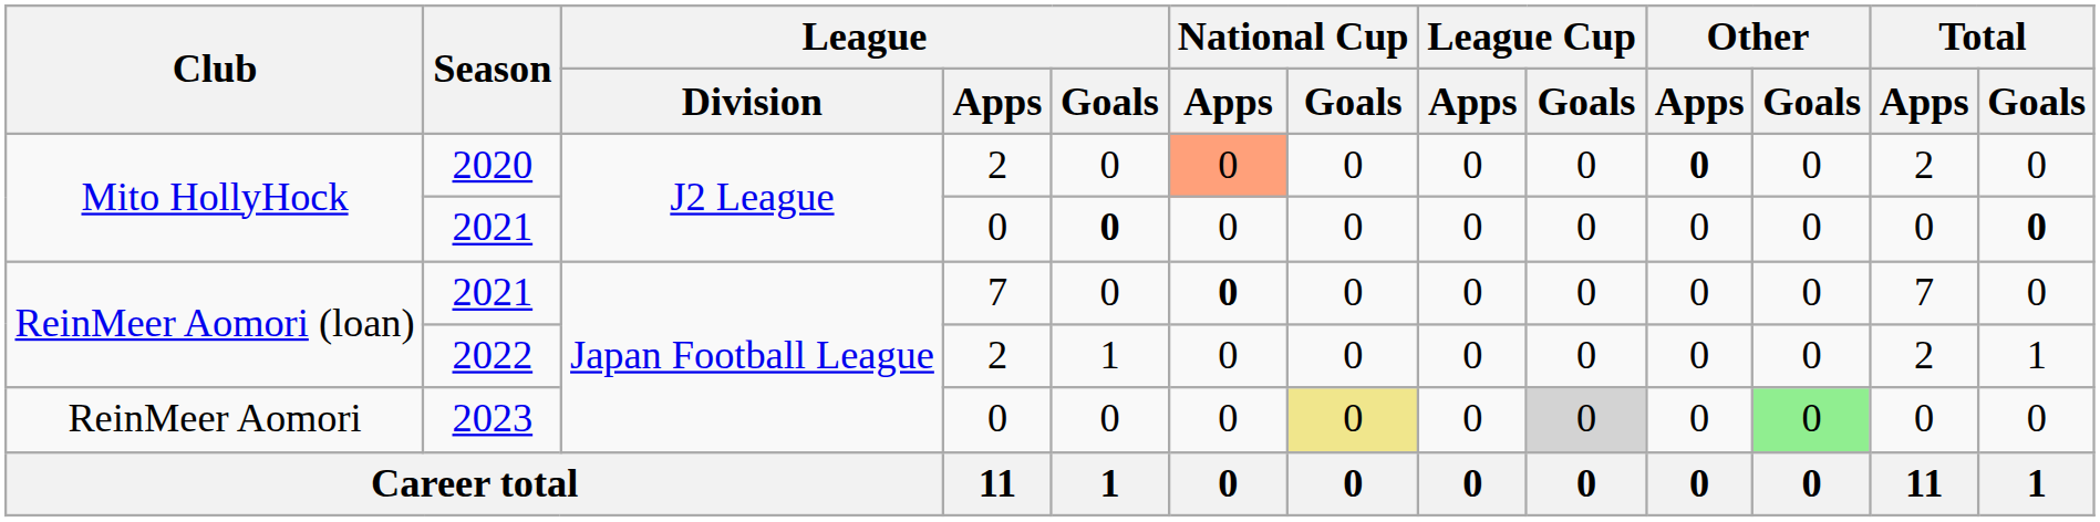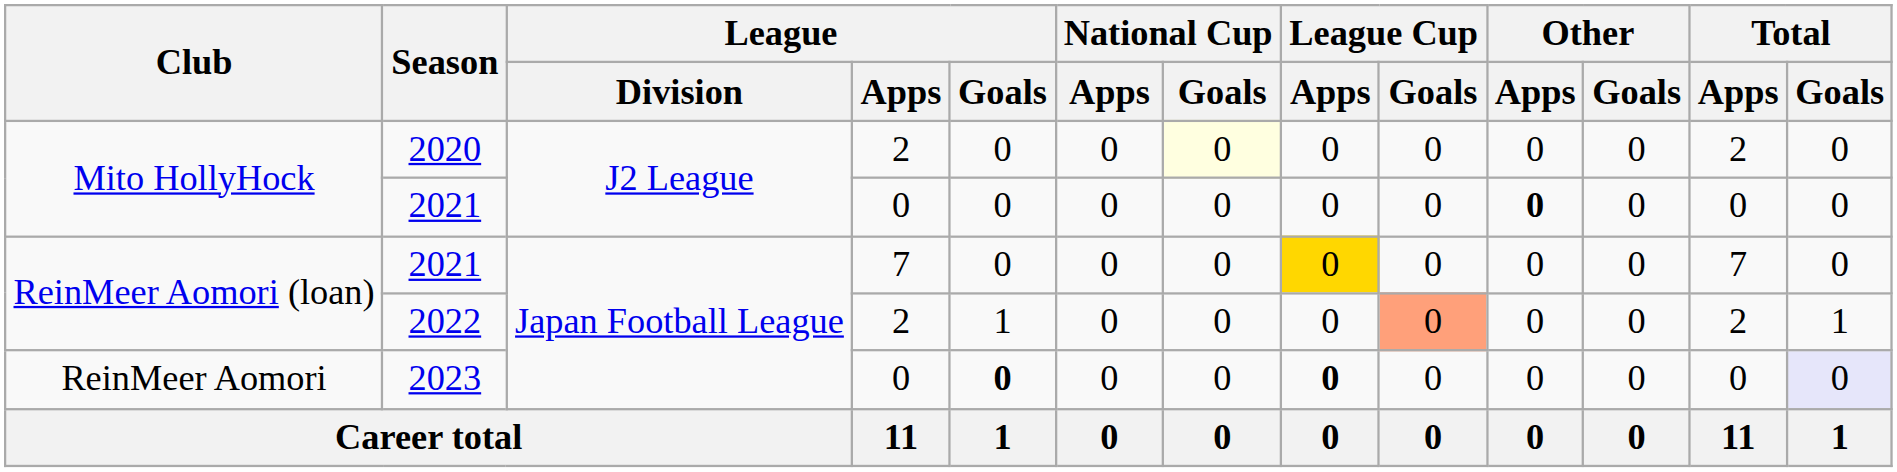 <table class="wikitable" style="text-align: center">
 <tr>
 <th rowspan="2">Club</th>
 <th rowspan="2">Season</th>
 <th colspan="3">League</th>
 <th colspan="2">National Cup</th>
 <th colspan="2">League Cup</th>
 <th colspan="2">Other</th>
 <th colspan="2">Total</th>
 </tr>
 <tr>
 <th>Division</th>
 <th>Apps</th>
 <th>Goals</th>
 <th>Apps</th>
 <th>Goals</th>
 <th>Apps</th>
 <th>Goals</th>
 <th>Apps</th>
 <th>Goals</th>
 <th>Apps</th>
 <th>Goals</th>
 </tr>
 <tr>
 <td rowspan="2"><a href='#'>Mito HollyHock</a></td>
 <td><a href='#'>2020</a></td>
 <td rowspan="2"><a href='#'>J2 League</a></td>
 <td>2</td>
 <td>0</td>
-<td style="background: lightsalmon;">0</td>
+<td>0</td>
+<td style="background: lightyellow;">0</td>
 <td>0</td>
 <td>0</td>
 <td>0</td>
-<td><strong>0</strong></td>
 <td>0</td>
 <td>2</td>
 <td>0</td>
 </tr>
 <tr>
 <td><a href='#'>2021</a></td>
 <td>0</td>
-<td><strong>0</strong></td>
-<td>0</td>
-<td>0</td>
 <td>0</td>
 <td>0</td>
 <td>0</td>
 <td>0</td>
 <td>0</td>
 <td><strong>0</strong></td>
+<td>0</td>
+<td>0</td>
+<td>0</td>
 </tr>
 <tr>
 <td rowspan="2"><a href='#'>ReinMeer Aomori</a> (loan)</td>
 <td><a href='#'>2021</a></td>
 <td rowspan="3"><a href='#'>Japan Football League</a></td>
 <td>7</td>
 <td>0</td>
-<td><strong>0</strong></td>
 <td>0</td>
 <td>0</td>
+<td style="background: gold;">0</td>
 <td>0</td>
 <td>0</td>
 <td>0</td>
 <td>7</td>
 <td>0</td>
 </tr>
 <tr>
 <td><a href='#'>2022</a></td>
 <td>2</td>
 <td>1</td>
 <td>0</td>
 <td>0</td>
 <td>0</td>
-<td>0</td>
+<td style="background: lightsalmon;">0</td>
 <td>0</td>
 <td>0</td>
 <td>2</td>
 <td>1</td>
 </tr>
 <tr>
 <td>ReinMeer Aomori</td>
 <td><a href='#'>2023</a></td>
 <td>0</td>
+<td><strong>0</strong></td>
 <td>0</td>
 <td>0</td>
-<td style="background: khaki;">0</td>
-<td>0</td>
-<td style="background: lightgrey;">0</td>
-<td>0</td>
-<td style="background: lightgreen;">0</td>
+<td><strong>0</strong></td>
 <td>0</td>
 <td>0</td>
+<td>0</td>
+<td>0</td>
+<td style="background: lavender;">0</td>
 </tr>
 <tr>
 <th colspan=3>Career total</th>
 <th>11</th>
 <th>1</th>
 <th>0</th>
 <th>0</th>
 <th>0</th>
 <th>0</th>
 <th>0</th>
 <th>0</th>
 <th>11</th>
 <th>1</th>
 </tr>
 </table>
